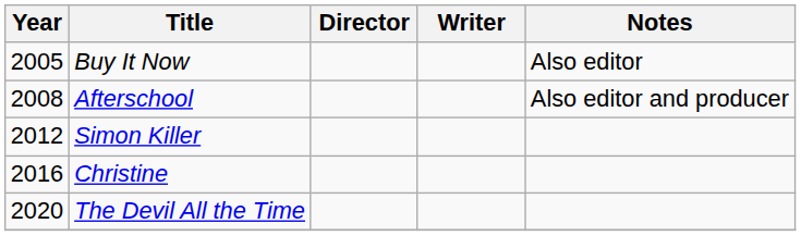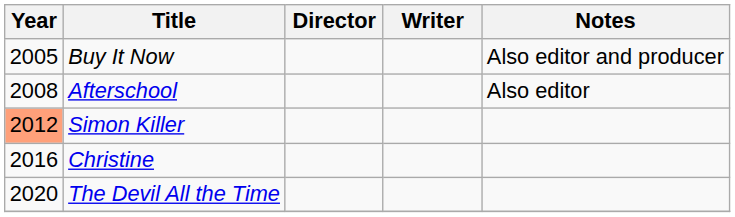 <table class="wikitable">
 <tr>
 <th>Year</th>
 <th>Title</th>
 <th width=65>Director</th>
 <th width=65>Writer</th>
 <th>Notes</th>
 </tr>
 <tr>
 <td>2005</td>
 <td><em>Buy It Now</em></td>
 <td></td>
 <td></td>
-<td>Also editor</td>
+<td>Also editor and producer</td>
 </tr>
 <tr>
 <td>2008</td>
 <td><em><a href='#'>Afterschool</a></em></td>
 <td></td>
 <td></td>
-<td>Also editor and producer</td>
+<td>Also editor</td>
 </tr>
 <tr>
-<td>2012</td>
+<td style="background: lightsalmon;">2012</td>
 <td><em><a href='#'>Simon Killer</a></em></td>
 <td></td>
 <td></td>
 <td></td>
 </tr>
 <tr>
 <td>2016</td>
 <td><em><a href='#'>Christine</a></em></td>
 <td></td>
 <td></td>
 <td></td>
 </tr>
 <tr>
 <td>2020</td>
 <td><em><a href='#'>The Devil All the Time</a></em></td>
 <td></td>
 <td></td>
 <td></td>
 </tr>
 <tr>
 </tr>
 </table>
